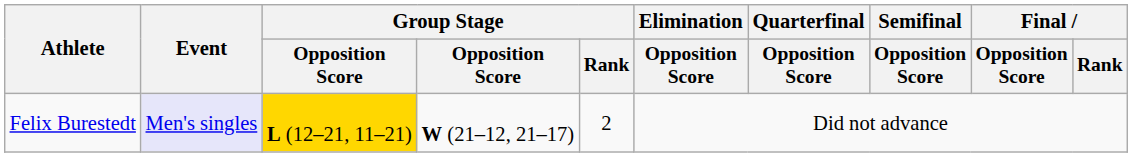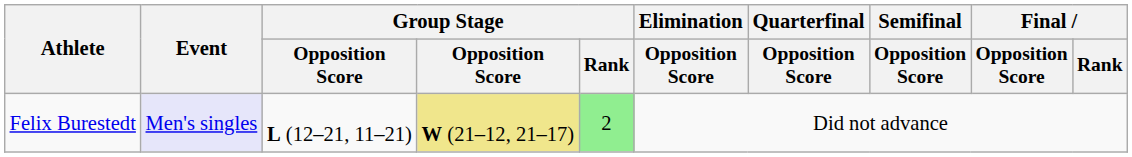 <table class="wikitable" style="font-size:90%">
 <tr>
 <th rowspan=2>Athlete</th>
 <th rowspan=2>Event</th>
 <th colspan=3>Group Stage</th>
 <th>Elimination</th>
 <th>Quarterfinal</th>
 <th>Semifinal</th>
 <th colspan=2>Final / </th>
 </tr>
 <tr style="font-size:95%">
 <th>Opposition<br>Score</th>
 <th>Opposition<br>Score</th>
 <th>Rank</th>
 <th>Opposition<br>Score</th>
 <th>Opposition<br>Score</th>
 <th>Opposition<br>Score</th>
 <th>Opposition<br>Score</th>
 <th>Rank</th>
 </tr>
 <tr align=center>
 <td align=left><a href='#'>Felix Burestedt</a></td>
 <td align="left" style="background: lavender;"><a href='#'>Men's singles</a></td>
-<td style="background: gold;"><br><strong>L</strong> (12–21, 11–21)</td>
-<td><br><strong>W</strong> (21–12, 21–17)</td>
-<td>2</td>
+<td><br><strong>L</strong> (12–21, 11–21)</td>
+<td style="background: khaki;"><br><strong>W</strong> (21–12, 21–17)</td>
+<td style="background: lightgreen;">2</td>
 <td colspan=5>Did not advance</td>
 </tr>
 </table>
